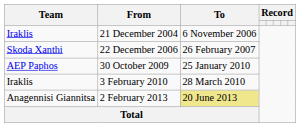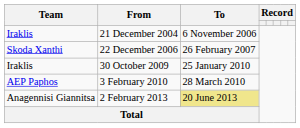 <table class="wikitable" style="text-align: center">
 <tr>
 <th rowspan=2>Team</th>
 <th rowspan=2>From</th>
 <th rowspan=2>To</th>
 <th colspan=5>Record</th>
 </tr>
 <tr>
 <th></th>
 <th></th>
 <th></th>
 <th></th>
 <th></th>
 </tr>
 <tr>
 <td align=left><a href='#'>Iraklis</a></td>
 <td align=left>21 December 2004</td>
 <td align=left>6 November 2006<br></td>
 </tr>
 <tr>
 <td align=left><a href='#'>Skoda Xanthi</a></td>
 <td align=left>22 December 2006</td>
 <td align=left>26 February 2007<br></td>
 </tr>
 <tr>
-<td align=left><a href='#'>AEP Paphos</a></td>
+<td align=left>Iraklis</td>
 <td align=left>30 October 2009</td>
 <td align=left>25 January 2010<br></td>
 </tr>
 <tr>
-<td align=left>Iraklis</td>
+<td align=left><a href='#'>AEP Paphos</a></td>
 <td align=left>3 February 2010</td>
 <td align=left>28 March 2010<br></td>
 </tr>
 <tr>
 <td align=left>Anagennisi Giannitsa</td>
 <td align=left>2 February 2013</td>
 <td align=left style="background: khaki;">20 June 2013<br></td>
 </tr>
 <tr>
 <th colspan=3>Total<br></th>
 </tr>
 </table>
